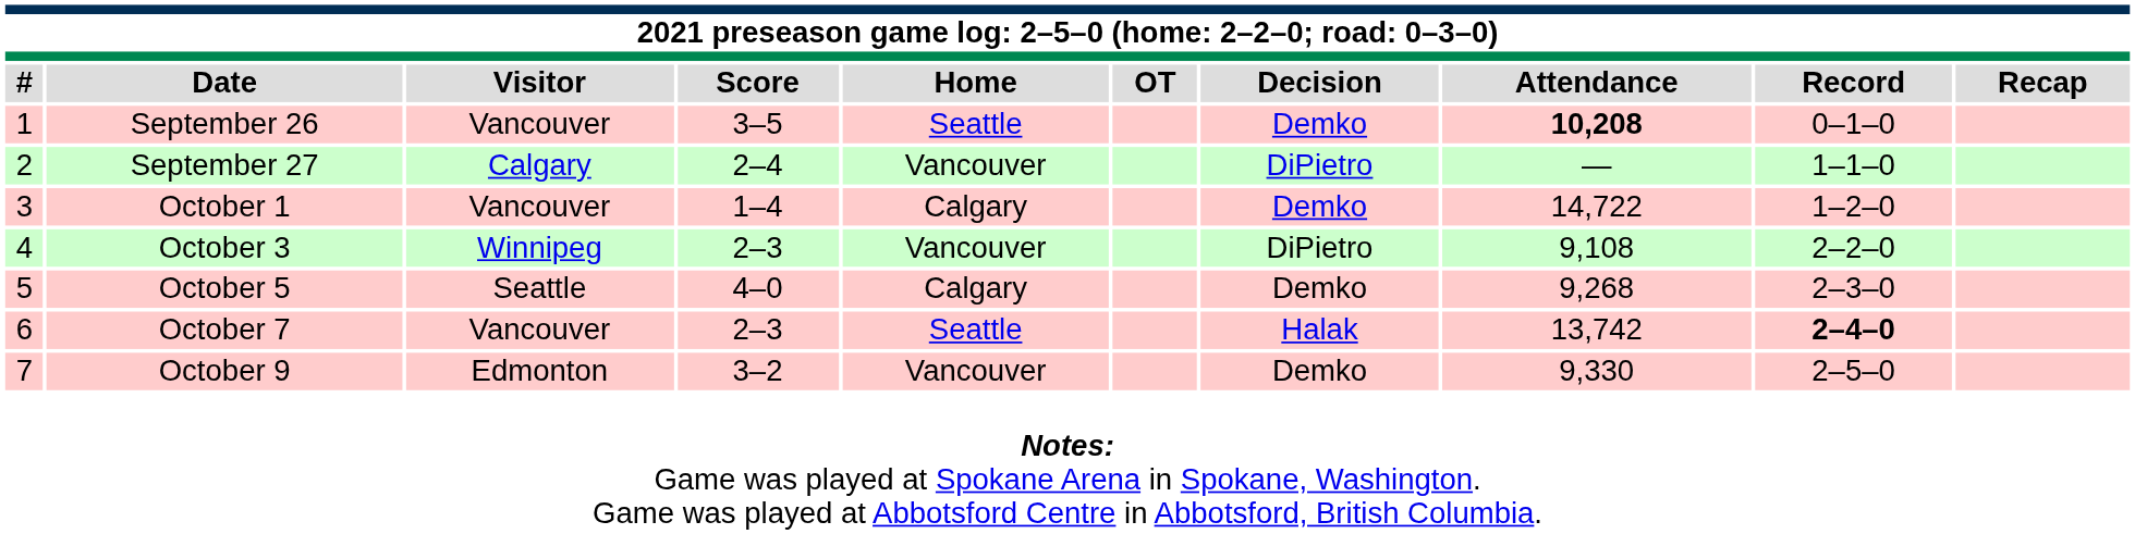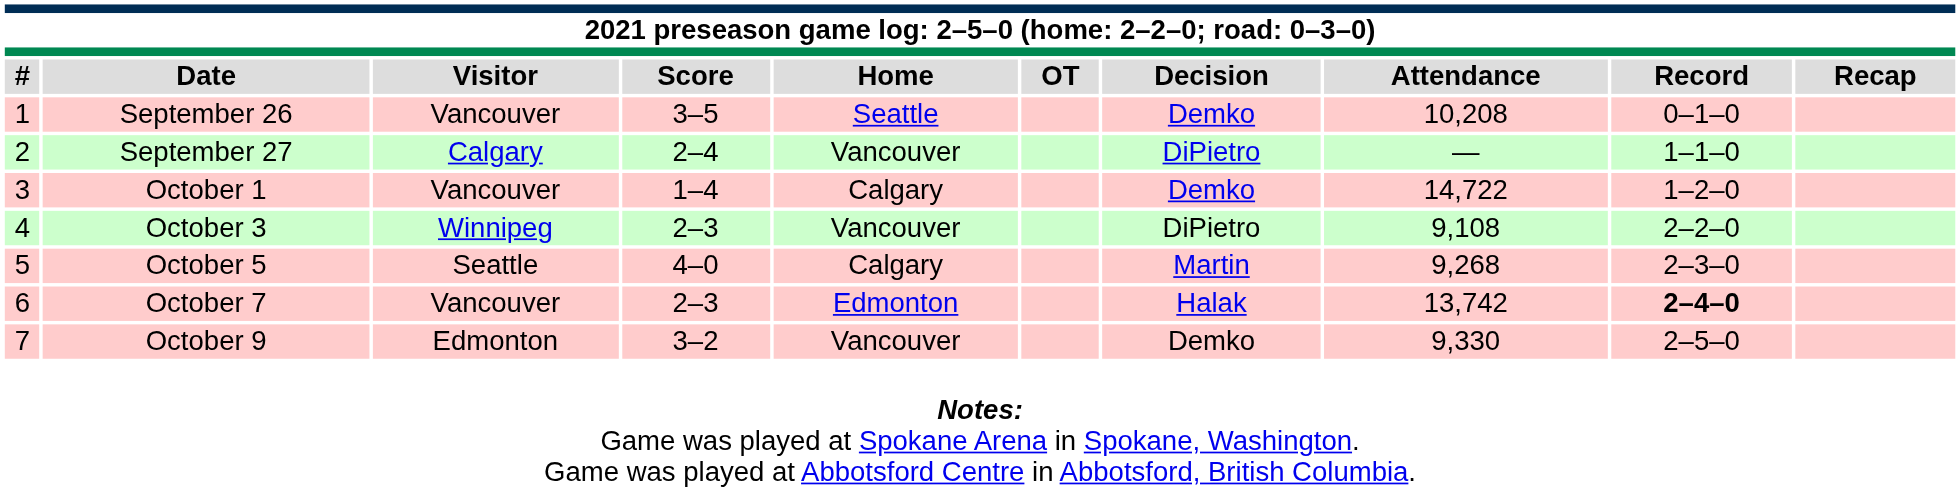 <table class="toccolours collapsible collapsed" style="width:90%; clear:both; margin:1.5em auto; text-align:center;">
 <tr>
 <th colspan="10" style="background:#FFFFFF; border-top:#002D55 5px solid; border-bottom:#008852 5px solid;">2021 preseason game log: 2–5–0 (home: 2–2–0; road: 0–3–0)</th>
 </tr>
 <tr style="background:#ddd;">
 <th>#</th>
 <th>Date</th>
 <th>Visitor</th>
 <th>Score</th>
 <th>Home</th>
 <th>OT</th>
 <th>Decision</th>
 <th>Attendance</th>
 <th>Record</th>
 <th>Recap</th>
 </tr>
 <tr style="background:#fcc;">
 <td>1</td>
 <td>September 26</td>
 <td>Vancouver</td>
 <td>3–5</td>
 <td><a href='#'>Seattle</a></td>
 <td></td>
 <td><a href='#'>Demko</a></td>
-<td><strong>10,208</strong></td>
+<td>10,208</td>
 <td>0–1–0</td>
 <td></td>
 </tr>
 <tr style="background:#cfc;">
 <td>2</td>
 <td>September 27</td>
 <td><a href='#'>Calgary</a></td>
 <td>2–4</td>
 <td>Vancouver</td>
 <td></td>
 <td><a href='#'>DiPietro</a></td>
 <td>—</td>
 <td>1–1–0</td>
 <td></td>
 </tr>
 <tr style="background:#fcc;">
 <td>3</td>
 <td>October 1</td>
 <td>Vancouver</td>
 <td>1–4</td>
 <td>Calgary</td>
 <td></td>
 <td><a href='#'>Demko</a></td>
 <td>14,722</td>
 <td>1–2–0</td>
 <td></td>
 </tr>
 <tr style="background:#cfc;">
 <td>4</td>
 <td>October 3</td>
 <td><a href='#'>Winnipeg</a></td>
 <td>2–3</td>
 <td>Vancouver</td>
 <td></td>
 <td>DiPietro</td>
 <td>9,108</td>
 <td>2–2–0</td>
 <td></td>
 </tr>
 <tr style="background:#fcc;">
 <td>5</td>
 <td>October 5</td>
 <td>Seattle</td>
 <td>4–0</td>
 <td>Calgary</td>
 <td></td>
-<td>Demko</td>
+<td><a href='#'>Martin</a></td>
 <td>9,268</td>
 <td>2–3–0</td>
 <td></td>
 </tr>
 <tr style="background:#fcc;">
 <td>6</td>
 <td>October 7</td>
 <td>Vancouver</td>
 <td>2–3</td>
-<td><a href='#'>Seattle</a></td>
+<td><a href='#'>Edmonton</a></td>
 <td></td>
 <td><a href='#'>Halak</a></td>
 <td>13,742</td>
 <td><strong>2–4–0</strong></td>
 <td></td>
 </tr>
 <tr style="background:#fcc;">
 <td>7</td>
 <td>October 9</td>
 <td>Edmonton</td>
 <td>3–2</td>
 <td>Vancouver</td>
 <td></td>
 <td>Demko</td>
 <td>9,330</td>
 <td>2–5–0</td>
 <td></td>
 </tr>
 <tr>
 <td colspan="10" style="text-align:center;"><br><strong><em>Notes:</em></strong><br> Game was played at <a href='#'>Spokane Arena</a> in <a href='#'>Spokane, Washington</a>.<br> Game was played at <a href='#'>Abbotsford Centre</a> in <a href='#'>Abbotsford, British Columbia</a>.</td>
 </tr>
 </table>
